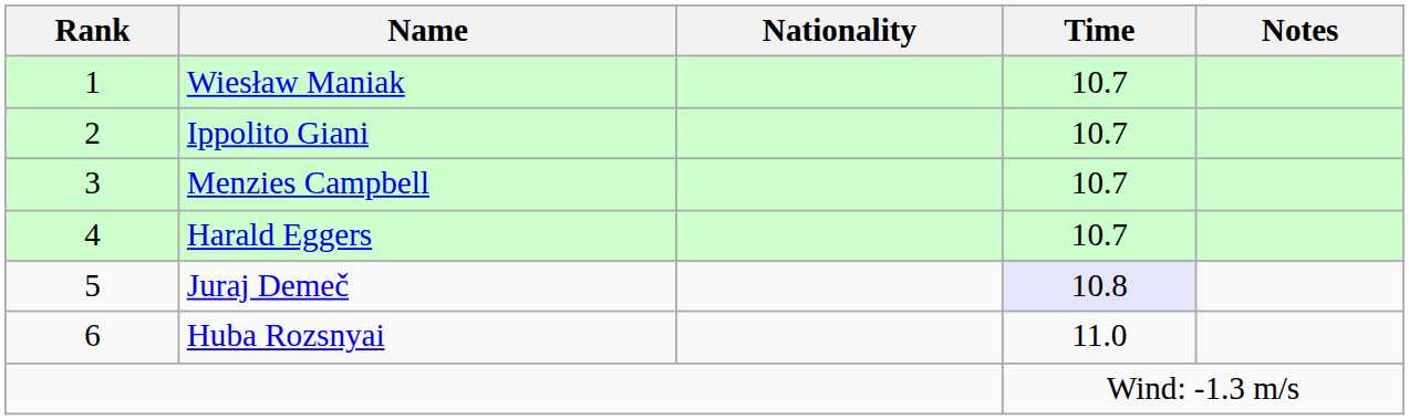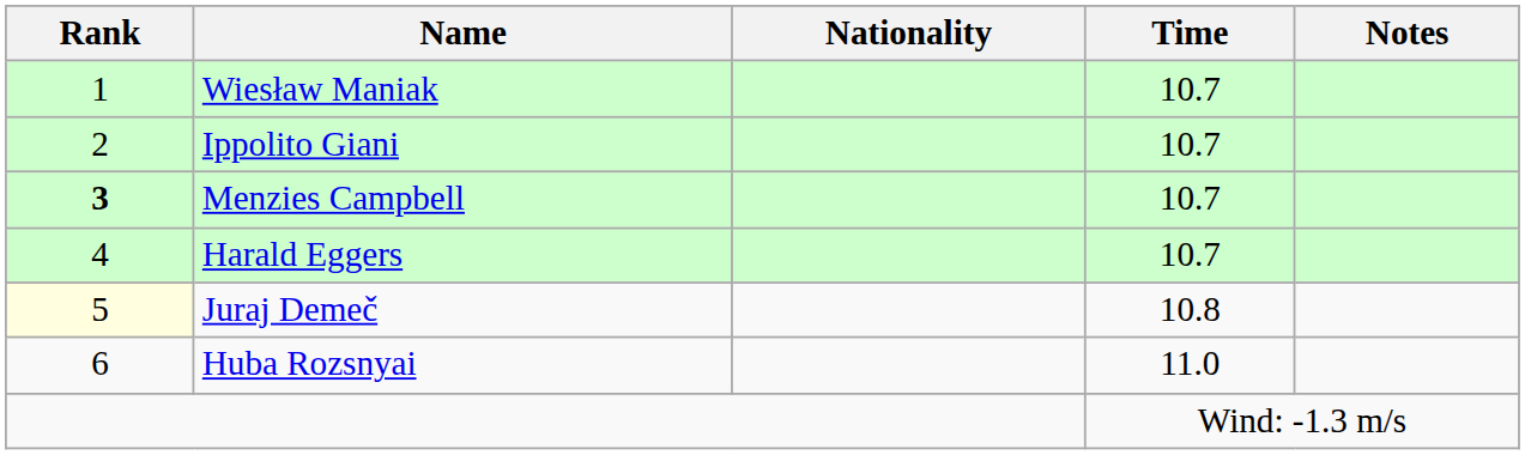 <table class="wikitable sortable" style="text-align:center;width: 55%">
 <tr>
 <th>Rank</th>
 <th>Name</th>
 <th>Nationality</th>
 <th>Time</th>
 <th>Notes</th>
 </tr>
 <tr bgcolor=ccffcc>
 <td>1</td>
 <td align=left><a href='#'>Wiesław Maniak</a></td>
 <td align=left></td>
 <td>10.7</td>
 <td></td>
 </tr>
 <tr bgcolor=ccffcc>
 <td>2</td>
 <td align=left><a href='#'>Ippolito Giani</a></td>
 <td align=left></td>
 <td>10.7</td>
 <td></td>
 </tr>
 <tr bgcolor=ccffcc>
-<td>3</td>
+<td><strong>3</strong></td>
 <td align=left><a href='#'>Menzies Campbell</a></td>
 <td align=left></td>
 <td>10.7</td>
 <td></td>
 </tr>
 <tr bgcolor=ccffcc>
 <td>4</td>
 <td align=left><a href='#'>Harald Eggers</a></td>
 <td align=left></td>
 <td>10.7</td>
 <td></td>
 </tr>
 <tr>
-<td>5</td>
+<td style="background: lightyellow;">5</td>
 <td align=left><a href='#'>Juraj Demeč</a></td>
 <td align=left></td>
-<td style="background: lavender;">10.8</td>
+<td>10.8</td>
 <td></td>
 </tr>
 <tr>
 <td>6</td>
 <td align=left><a href='#'>Huba Rozsnyai</a></td>
 <td align=left></td>
 <td>11.0</td>
 <td></td>
 </tr>
 <tr>
 <td colspan="3"></td>
 <td colspan="2">Wind: -1.3 m/s</td>
 </tr>
 </table>
